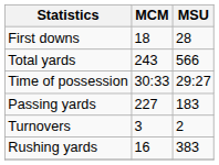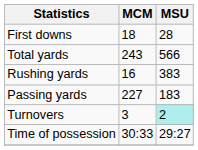 <table class="wikitable">
 <tr>
 <th>Statistics</th>
 <th>MCM</th>
 <th>MSU</th>
 </tr>
 <tr>
 <td>First downs</td>
 <td>18</td>
 <td>28</td>
 </tr>
 <tr>
 <td>Total yards</td>
 <td>243</td>
 <td>566</td>
 </tr>
 <tr>
-<td>Time of possession</td>
-<td>30:33</td>
-<td>29:27</td>
+<td>Rushing yards</td>
+<td>16</td>
+<td>383</td>
 </tr>
 <tr>
 <td>Passing yards</td>
 <td>227</td>
 <td>183</td>
 </tr>
 <tr>
 <td>Turnovers</td>
 <td>3</td>
-<td>2</td>
+<td style="background: paleturquoise;">2</td>
 </tr>
 <tr>
-<td>Rushing yards</td>
-<td>16</td>
-<td>383</td>
+<td>Time of possession</td>
+<td>30:33</td>
+<td>29:27</td>
 </tr>
 <tr>
 </tr>
 </table>
